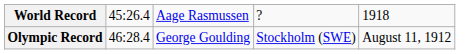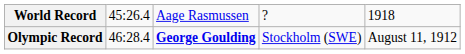 <table class="wikitable" style="font-size:95%;">
 <tr>
 <th>World Record</th>
 <td>45:26.4</td>
 <td> <a href='#'>Aage Rasmussen</a></td>
 <td>?</td>
 <td>1918</td>
 </tr>
 <tr>
 <th>Olympic Record</th>
 <td>46:28.4</td>
-<td> <a href='#'>George Goulding</a></td>
+<td><strong> <a href='#'>George Goulding</a></strong></td>
 <td><a href='#'>Stockholm</a> (<a href='#'>SWE</a>)</td>
 <td>August 11, 1912</td>
 </tr>
 </table>
